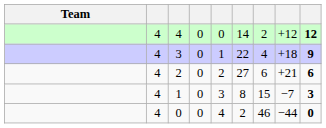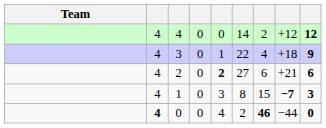 <table class="wikitable" style="text-align:center">
 <tr>
 <th width=175>Team</th>
 <th style="width:20px;" abbr="Played"></th>
 <th style="width:20px;" abbr="Won"></th>
 <th style="width:20px;" abbr="Drawn"></th>
 <th style="width:20px;" abbr="Lost"></th>
 <th style="width:20px;" abbr="Goals for"></th>
 <th style="width:20px;" abbr="Goals against"></th>
 <th style="width:20px;" abbr="Goal difference"></th>
 <th style="width:20px;" abbr="Points"></th>
 </tr>
 <tr bgcolor=ccffcc>
 <td align="left"></td>
 <td>4</td>
 <td>4</td>
 <td>0</td>
 <td>0</td>
 <td>14</td>
 <td>2</td>
 <td>+12</td>
 <td><strong>12</strong></td>
 </tr>
 <tr bgcolor=ccccff>
 <td align="left"></td>
 <td>4</td>
 <td>3</td>
 <td>0</td>
 <td>1</td>
 <td>22</td>
 <td>4</td>
 <td>+18</td>
 <td><strong>9</strong></td>
 </tr>
 <tr bgcolor=>
 <td align="left"></td>
 <td>4</td>
 <td>2</td>
 <td>0</td>
-<td>2</td>
+<td><strong>2</strong></td>
 <td>27</td>
 <td>6</td>
 <td>+21</td>
 <td><strong>6</strong></td>
 </tr>
 <tr bgcolor=>
 <td align="left"></td>
 <td>4</td>
 <td>1</td>
 <td>0</td>
 <td>3</td>
 <td>8</td>
 <td>15</td>
-<td>−7</td>
+<td><strong>−7</strong></td>
 <td><strong>3</strong></td>
 </tr>
 <tr bgcolor=>
 <td align="left"></td>
-<td>4</td>
+<td><strong>4</strong></td>
 <td>0</td>
 <td>0</td>
 <td>4</td>
 <td>2</td>
-<td>46</td>
+<td><strong>46</strong></td>
 <td>−44</td>
 <td><strong>0</strong></td>
 </tr>
 </table>
